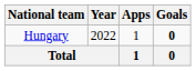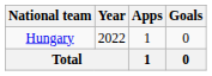 <table class="wikitable" style="text-align:center">
 <tr>
 <th>National team</th>
 <th>Year</th>
 <th>Apps</th>
 <th>Goals</th>
 </tr>
 <tr>
 <td><a href='#'>Hungary</a></td>
 <td>2022</td>
 <td>1</td>
-<td><strong>0</strong></td>
+<td>0</td>
 </tr>
 <tr>
 <th colspan="2">Total</th>
 <th>1</th>
 <th>0</th>
 </tr>
 </table>
